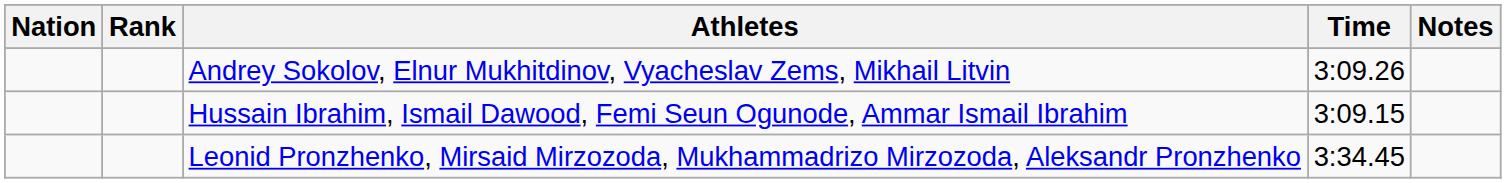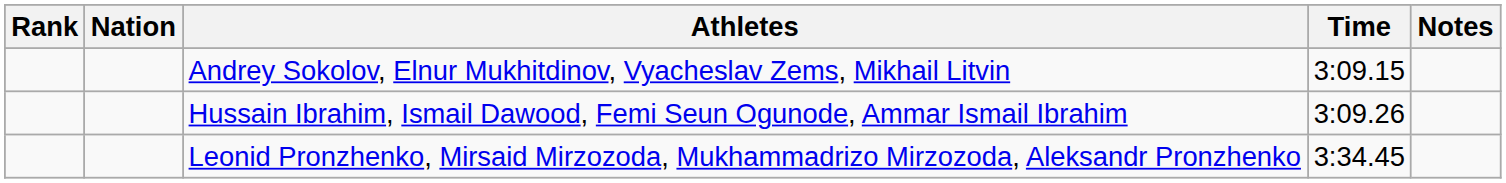 <table class="wikitable sortable" style="text-align:center;font-size:95%">
 <tr>
+<th>Rank</th>
 <th>Nation</th>
-<th>Rank</th>
 <th>Athletes</th>
 <th>Time</th>
 <th>Notes</th>
 </tr>
 <tr>
+<td></td>
 <td align=left></td>
+<td align=left><a href='#'>Andrey Sokolov</a>, <a href='#'>Elnur Mukhitdinov</a>, <a href='#'>Vyacheslav Zems</a>, <a href='#'>Mikhail Litvin</a></td>
+<td>3:09.15</td>
 <td></td>
-<td align=left><a href='#'>Andrey Sokolov</a>, <a href='#'>Elnur Mukhitdinov</a>, <a href='#'>Vyacheslav Zems</a>, <a href='#'>Mikhail Litvin</a></td>
+</tr>
+<tr>
+<td></td>
+<td align=left></td>
+<td align=left><a href='#'>Hussain Ibrahim</a>, <a href='#'>Ismail Dawood</a>, <a href='#'>Femi Seun Ogunode</a>, <a href='#'>Ammar Ismail Ibrahim</a></td>
 <td>3:09.26</td>
 <td></td>
 </tr>
 <tr>
+<td></td>
 <td align=left></td>
-<td></td>
-<td align=left><a href='#'>Hussain Ibrahim</a>, <a href='#'>Ismail Dawood</a>, <a href='#'>Femi Seun Ogunode</a>, <a href='#'>Ammar Ismail Ibrahim</a></td>
-<td>3:09.15</td>
-<td></td>
-</tr>
-<tr>
-<td align=left></td>
-<td></td>
 <td align=left><a href='#'>Leonid Pronzhenko</a>, <a href='#'>Mirsaid Mirzozoda</a>, <a href='#'>Mukhammadrizo Mirzozoda</a>, <a href='#'>Aleksandr Pronzhenko</a></td>
 <td>3:34.45</td>
 <td></td>
 </tr>
 </table>
